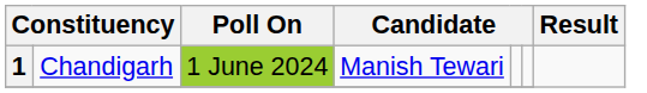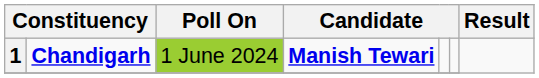 <table class="wikitable " style="text-align:center;">
 <tr>
 <th colspan="2">Constituency</th>
 <th>Poll On</th>
 <th colspan="3">Candidate</th>
 <th>Result</th>
 </tr>
 <tr>
 <th>1</th>
-<td><a href='#'>Chandigarh</a></td>
+<td><strong><a href='#'>Chandigarh</a></strong></td>
 <td bgcolor=#9ACD32>1 June 2024</td>
-<td><a href='#'>Manish Tewari</a></td>
+<td><strong><a href='#'>Manish Tewari</a></strong></td>
 <td></td>
 <td></td>
 </tr>
 <tr>
 </tr>
 </table>
